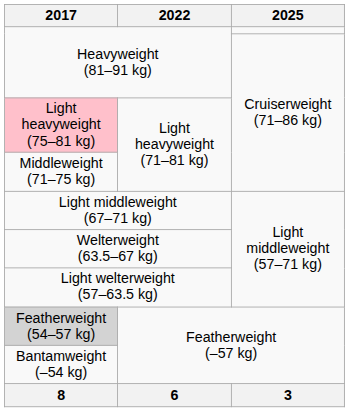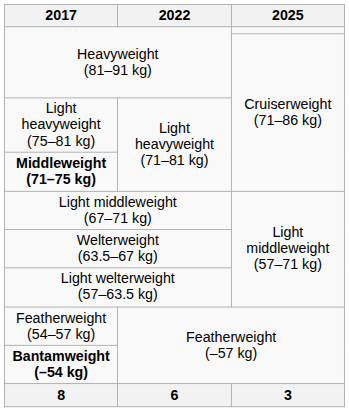 <table class="wikitable" style="text-align:center">
 <tr>
 <th width=120>2017</th>
 <th width=120>2022</th>
 <th width=120>2025</th>
 </tr>
 <tr>
 <td rowspan=2 colspan=2><br>Heavyweight<br>(81–91 kg)<br><br></td>
 <td></td>
 </tr>
 <tr>
 <td rowspan=3>Cruiserweight<br>(71–86 kg)</td>
 </tr>
 <tr>
-<td style="background: pink;">Light heavyweight<br>(75–81 kg)</td>
+<td>Light heavyweight<br>(75–81 kg)</td>
 <td rowspan=2>Light heavyweight<br>(71–81 kg)</td>
 </tr>
 <tr>
-<td>Middleweight<br>(71–75 kg)</td>
+<td><strong>Middleweight<br>(71–75 kg)</strong></td>
 </tr>
 <tr>
 <td colspan=2>Light middleweight<br>(67–71 kg)</td>
 <td rowspan=3>Light middleweight<br>(57–71 kg)</td>
 </tr>
 <tr>
 <td colspan=2>Welterweight<br>(63.5–67 kg)</td>
 </tr>
 <tr>
 <td colspan=2>Light welterweight<br>(57–63.5 kg)</td>
 </tr>
 <tr>
-<td style="background: lightgrey;">Featherweight<br>(54–57 kg)</td>
+<td>Featherweight<br>(54–57 kg)</td>
 <td rowspan=2 colspan=2>Featherweight<br>(–57 kg)</td>
 </tr>
 <tr>
-<td>Bantamweight<br>(–54 kg)</td>
+<td><strong>Bantamweight<br>(–54 kg)</strong></td>
 </tr>
 <tr>
 <th>8</th>
 <th>6</th>
 <th>3</th>
 </tr>
 </table>
